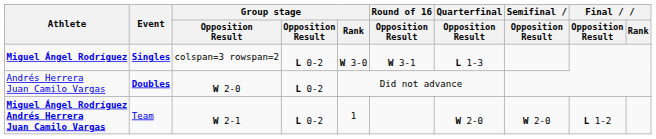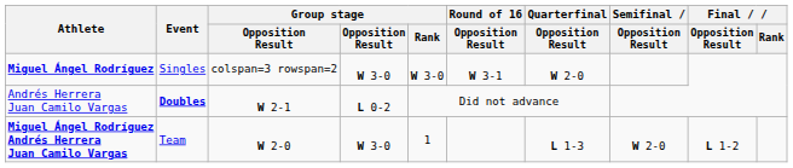 <table class=wikitable style=font-size:90%;text-align:center>
 <tr>
 <th rowspan=2>Athlete</th>
 <th rowspan=2>Event</th>
 <th colspan=3>Group stage</th>
 <th>Round of 16</th>
 <th>Quarterfinal</th>
 <th>Semifinal / </th>
 <th colspan=2>Final /  / </th>
 </tr>
 <tr style=font-size:95%>
 <th>Opposition<br>Result</th>
 <th>Opposition<br>Result</th>
 <th>Rank</th>
 <th>Opposition<br>Result</th>
 <th>Opposition<br>Result</th>
 <th>Opposition<br>Result</th>
 <th>Opposition<br>Result</th>
 <th>Rank</th>
 </tr>
 <tr>
 <td align=left><strong><a href='#'>Miguel Ángel Rodríguez</a></strong></td>
-<td align=left><strong><a href='#'>Singles</a></strong></td>
+<td align=left><a href='#'>Singles</a></td>
 <td>colspan=3 rowspan=2 </td>
-<td><br><strong>L</strong> 0-2</td>
+<td><br><strong>W</strong> 3-0</td>
 <td><br><strong>W</strong> 3-0</td>
 <td><br><strong>W</strong> 3-1</td>
-<td><br><strong>L</strong> 1-3</td>
+<td><br><strong>W</strong> 2-0</td>
 <td></td>
 </tr>
 <tr>
 <td align=left><a href='#'>Andrés Herrera</a><br><a href='#'>Juan Camilo Vargas</a></td>
 <td align=left><strong><a href='#'>Doubles</a></strong></td>
-<td><br><strong>W</strong> 2-0</td>
+<td><br><strong>W</strong> 2-1</td>
 <td><br><strong>L</strong> 0-2</td>
 <td colspan=3>Did not advance</td>
 </tr>
 <tr>
 <td align=left><strong><a href='#'>Miguel Ángel Rodríguez</a><br><a href='#'>Andrés Herrera</a><br><a href='#'>Juan Camilo Vargas</a></strong></td>
 <td align=left><a href='#'>Team</a></td>
-<td><br><strong>W</strong> 2-1</td>
-<td><br><strong>L</strong> 0-2</td>
+<td><br><strong>W</strong> 2-0</td>
+<td><br><strong>W</strong> 3-0</td>
 <td>1</td>
 <td></td>
-<td><br><strong>W</strong> 2-0</td>
+<td><br><strong>L</strong> 1-3</td>
 <td><br><strong>W</strong> 2-0</td>
 <td><br><strong>L</strong> 1-2</td>
 <td></td>
 </tr>
 </table>
